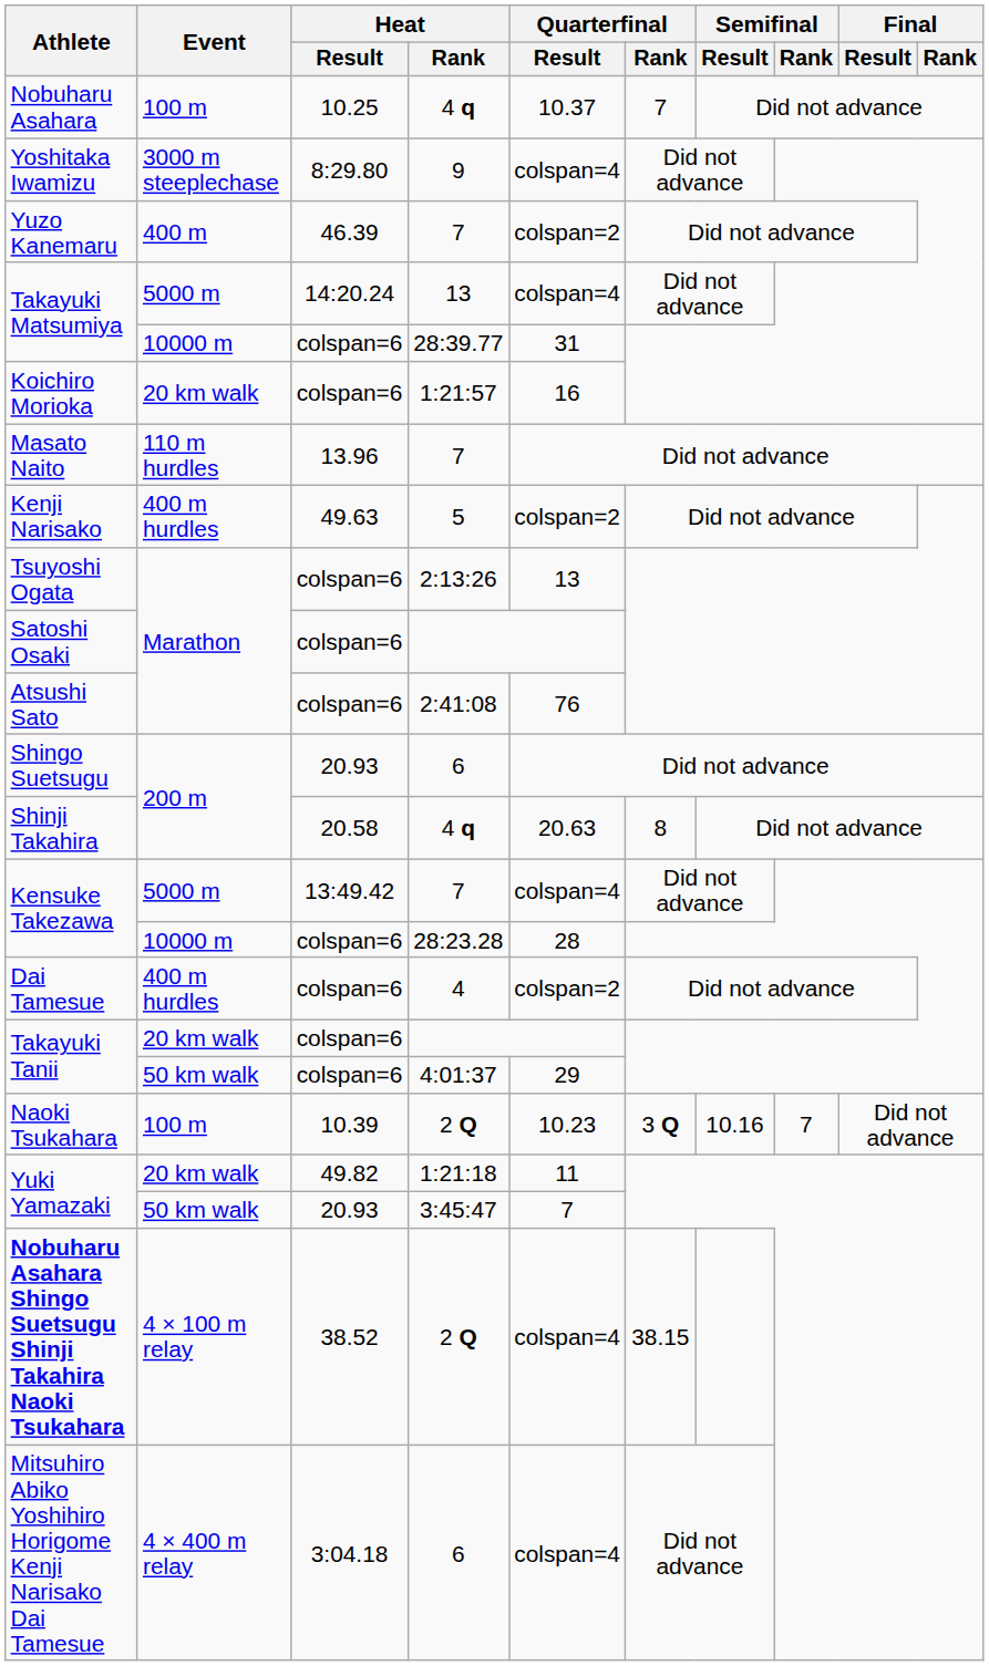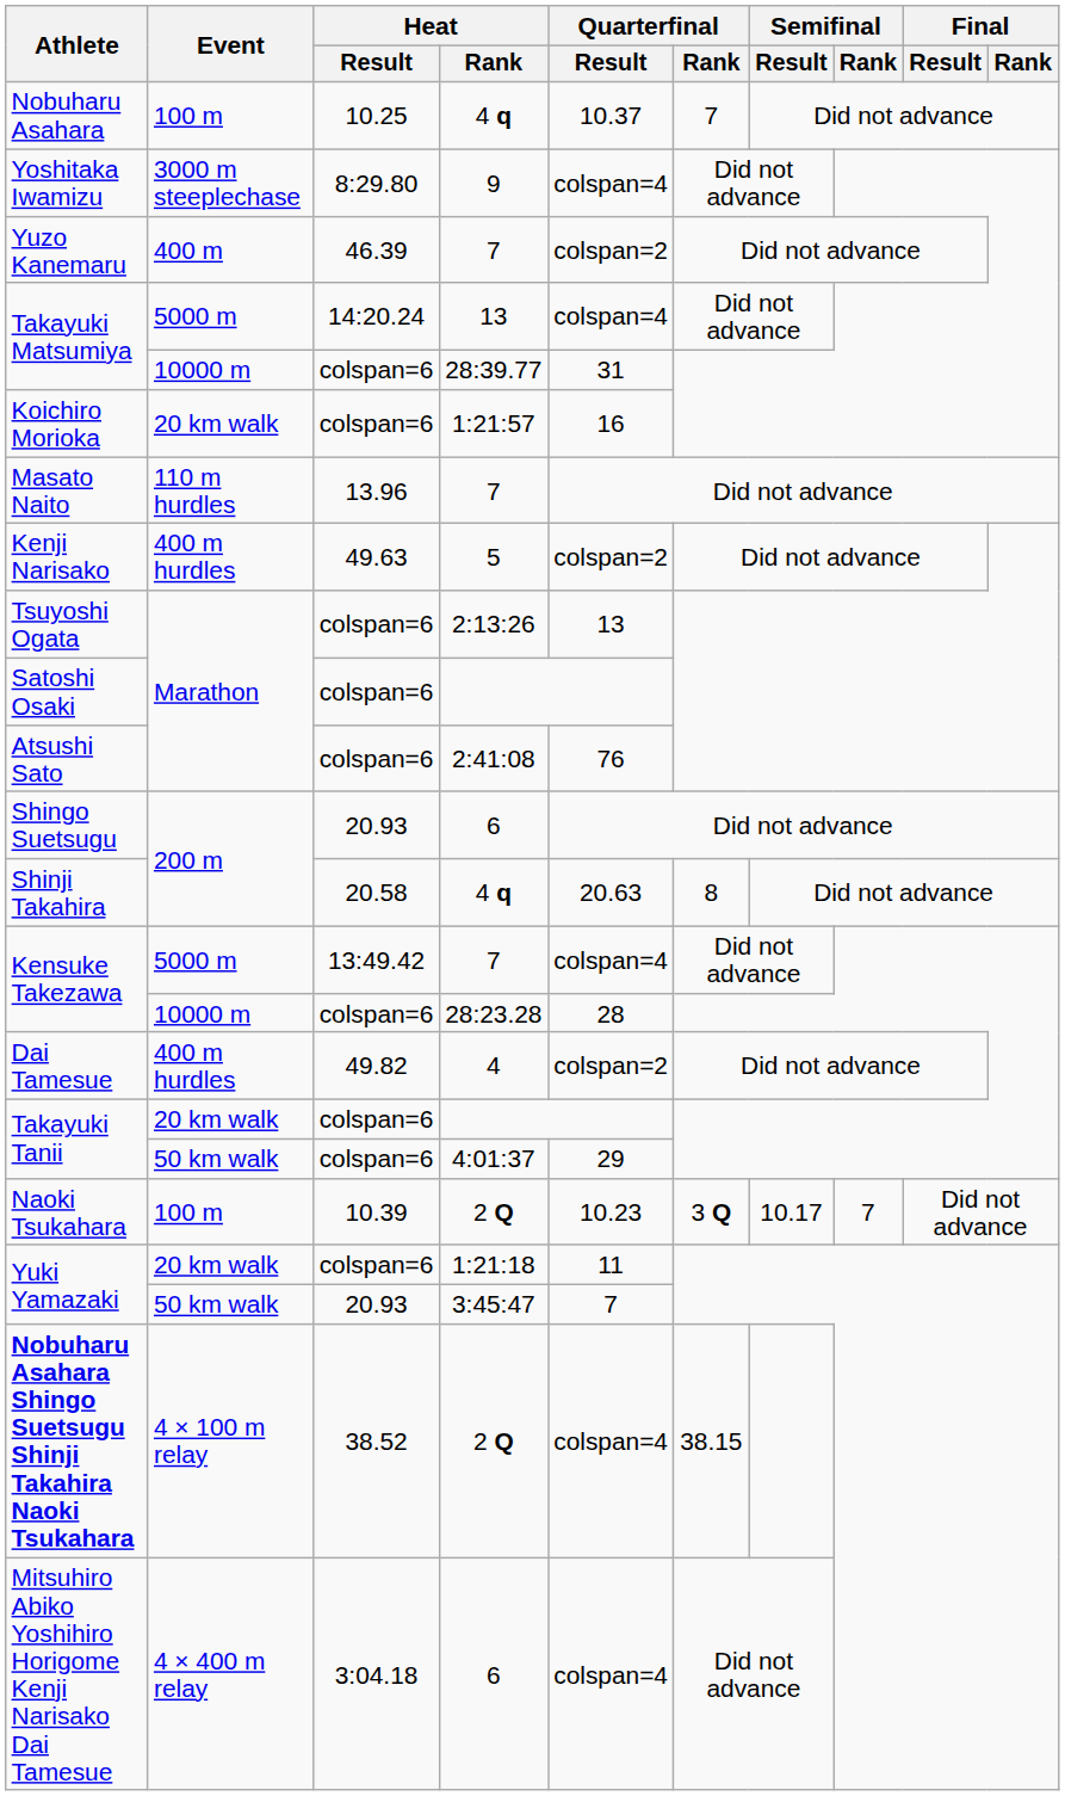 <table class=wikitable style="font-size:90%">
 <tr>
 <th rowspan="2">Athlete</th>
 <th rowspan="2">Event</th>
 <th colspan="2">Heat</th>
 <th colspan="2">Quarterfinal</th>
 <th colspan="2">Semifinal</th>
 <th colspan="2">Final</th>
 </tr>
 <tr style="font-size:95%">
 <th>Result</th>
 <th>Rank</th>
 <th>Result</th>
 <th>Rank</th>
 <th>Result</th>
 <th>Rank</th>
 <th>Result</th>
 <th>Rank</th>
 </tr>
 <tr align=center>
 <td align=left><a href='#'>Nobuharu Asahara</a></td>
 <td align=left><a href='#'>100 m</a></td>
 <td>10.25</td>
 <td>4 <strong>q</strong></td>
 <td>10.37</td>
 <td>7</td>
 <td colspan=4>Did not advance</td>
 </tr>
 <tr align=center>
 <td align=left><a href='#'>Yoshitaka Iwamizu</a></td>
 <td align=left><a href='#'>3000 m steeplechase</a></td>
 <td>8:29.80</td>
 <td>9</td>
 <td>colspan=4 </td>
 <td colspan=2>Did not advance</td>
 </tr>
 <tr align=center>
 <td align=left><a href='#'>Yuzo Kanemaru</a></td>
 <td align=left><a href='#'>400 m</a></td>
 <td>46.39</td>
 <td>7</td>
 <td>colspan=2 </td>
 <td colspan=4>Did not advance</td>
 </tr>
 <tr align=center>
 <td align=left rowspan=2><a href='#'>Takayuki Matsumiya</a></td>
 <td align=left><a href='#'>5000 m</a></td>
 <td>14:20.24</td>
 <td>13</td>
 <td>colspan=4 </td>
 <td colspan=2>Did not advance</td>
 </tr>
 <tr align=center>
 <td align=left><a href='#'>10000 m</a></td>
 <td>colspan=6 </td>
 <td>28:39.77</td>
 <td>31</td>
 </tr>
 <tr align=center>
 <td align=left><a href='#'>Koichiro Morioka</a></td>
 <td align=left><a href='#'>20 km walk</a></td>
 <td>colspan=6 </td>
 <td>1:21:57</td>
 <td>16</td>
 </tr>
 <tr align=center>
 <td align=left><a href='#'>Masato Naito</a></td>
 <td align=left><a href='#'>110 m hurdles</a></td>
 <td>13.96</td>
 <td>7</td>
 <td colspan=6>Did not advance</td>
 </tr>
 <tr align=center>
 <td align=left><a href='#'>Kenji Narisako</a></td>
 <td align=left><a href='#'>400 m hurdles</a></td>
 <td>49.63</td>
 <td>5</td>
 <td>colspan=2 </td>
 <td colspan=4>Did not advance</td>
 </tr>
 <tr align=center>
 <td align=left><a href='#'>Tsuyoshi Ogata</a></td>
 <td align=left rowspan=3><a href='#'>Marathon</a></td>
 <td>colspan=6 </td>
 <td>2:13:26</td>
 <td>13</td>
 </tr>
 <tr align=center>
 <td align=left><a href='#'>Satoshi Osaki</a></td>
 <td>colspan=6 </td>
 <td colspan=2></td>
 </tr>
 <tr align=center>
 <td align=left><a href='#'>Atsushi Sato</a></td>
 <td>colspan=6 </td>
 <td>2:41:08</td>
 <td>76</td>
 </tr>
 <tr align=center>
 <td align=left><a href='#'>Shingo Suetsugu</a></td>
 <td align=left rowspan=2><a href='#'>200 m</a></td>
 <td>20.93</td>
 <td>6</td>
 <td colspan=6>Did not advance</td>
 </tr>
 <tr align=center>
 <td align=left><a href='#'>Shinji Takahira</a></td>
 <td>20.58</td>
 <td>4 <strong>q</strong></td>
 <td>20.63</td>
 <td>8</td>
 <td colspan=4>Did not advance</td>
 </tr>
 <tr align=center>
 <td align=left rowspan=2><a href='#'>Kensuke Takezawa</a></td>
 <td align=left><a href='#'>5000 m</a></td>
 <td>13:49.42</td>
 <td>7</td>
 <td>colspan=4 </td>
 <td colspan=2>Did not advance</td>
 </tr>
 <tr align=center>
 <td align=left><a href='#'>10000 m</a></td>
 <td>colspan=6 </td>
 <td>28:23.28</td>
 <td>28</td>
 </tr>
 <tr align=center>
 <td align=left><a href='#'>Dai Tamesue</a></td>
 <td align=left><a href='#'>400 m hurdles</a></td>
-<td>colspan=6 </td>
+<td>49.82</td>
 <td>4</td>
 <td>colspan=2 </td>
 <td colspan=4>Did not advance</td>
 </tr>
 <tr align=center>
 <td align=left rowspan=2><a href='#'>Takayuki Tanii</a></td>
 <td align=left><a href='#'>20 km walk</a></td>
 <td>colspan=6 </td>
 <td colspan=2></td>
 </tr>
 <tr align=center>
 <td align=left><a href='#'>50 km walk</a></td>
 <td>colspan=6 </td>
 <td>4:01:37</td>
 <td>29</td>
 </tr>
 <tr align=center>
 <td align=left><a href='#'>Naoki Tsukahara</a></td>
 <td align=left><a href='#'>100 m</a></td>
 <td>10.39</td>
 <td>2 <strong>Q</strong></td>
 <td>10.23</td>
 <td>3 <strong>Q</strong></td>
-<td>10.16</td>
+<td>10.17</td>
 <td>7</td>
 <td colspan=2>Did not advance</td>
 </tr>
 <tr align=center>
 <td align=left rowspan=2><a href='#'>Yuki Yamazaki</a></td>
 <td align=left><a href='#'>20 km walk</a></td>
-<td>49.82</td>
+<td>colspan=6 </td>
 <td>1:21:18</td>
 <td>11</td>
 </tr>
 <tr align=center>
 <td align=left><a href='#'>50 km walk</a></td>
 <td>20.93</td>
 <td>3:45:47</td>
 <td>7</td>
 </tr>
 <tr align=center>
 <td align=left><strong><a href='#'>Nobuharu Asahara</a><br><a href='#'>Shingo Suetsugu</a><br><a href='#'>Shinji Takahira</a><br><a href='#'>Naoki Tsukahara</a></strong></td>
 <td align=left><a href='#'>4 × 100 m relay</a></td>
 <td>38.52</td>
 <td>2 <strong>Q</strong></td>
 <td>colspan=4 </td>
 <td>38.15</td>
 <td></td>
 </tr>
 <tr align=center>
 <td align=left><a href='#'>Mitsuhiro Abiko</a><br><a href='#'>Yoshihiro Horigome</a><br><a href='#'>Kenji Narisako</a><br><a href='#'>Dai Tamesue</a></td>
 <td align=left><a href='#'>4 × 400 m relay</a></td>
 <td>3:04.18</td>
 <td>6</td>
 <td>colspan=4 </td>
 <td colspan=2>Did not advance</td>
 </tr>
 </table>
